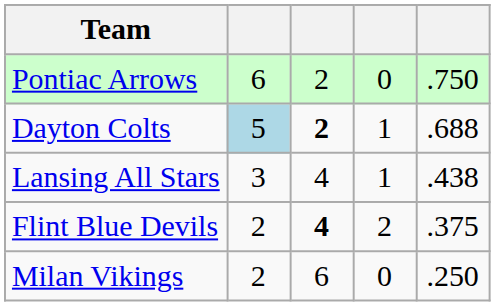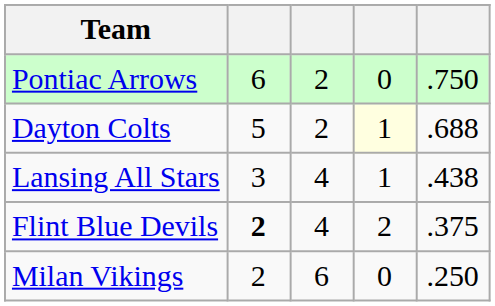 <table class="wikitable" style="font-size:95%; text-align:center">
 <tr>
 <th>Team</th>
 <th width="25"></th>
 <th width="25"></th>
 <th width="25"></th>
 <th width="30"></th>
 </tr>
 <tr style="background:#cfc;">
 <td style="text-align:left;"><a href='#'>Pontiac Arrows</a></td>
 <td>6</td>
 <td>2</td>
 <td>0</td>
 <td>.750</td>
 </tr>
 <tr>
 <td style="text-align:left;"><a href='#'>Dayton Colts</a></td>
-<td style="background: lightblue;">5</td>
-<td><strong>2</strong></td>
-<td>1</td>
+<td>5</td>
+<td>2</td>
+<td style="background: lightyellow;">1</td>
 <td>.688</td>
 </tr>
 <tr>
 <td style="text-align:left;"><a href='#'>Lansing All Stars</a></td>
 <td>3</td>
 <td>4</td>
 <td>1</td>
 <td>.438</td>
 </tr>
 <tr>
 <td style="text-align:left;"><a href='#'>Flint Blue Devils</a></td>
-<td>2</td>
-<td><strong>4</strong></td>
+<td><strong>2</strong></td>
+<td>4</td>
 <td>2</td>
 <td>.375</td>
 </tr>
 <tr>
 <td style="text-align:left;"><a href='#'>Milan Vikings</a></td>
 <td>2</td>
 <td>6</td>
 <td>0</td>
 <td>.250</td>
 </tr>
 </table>
